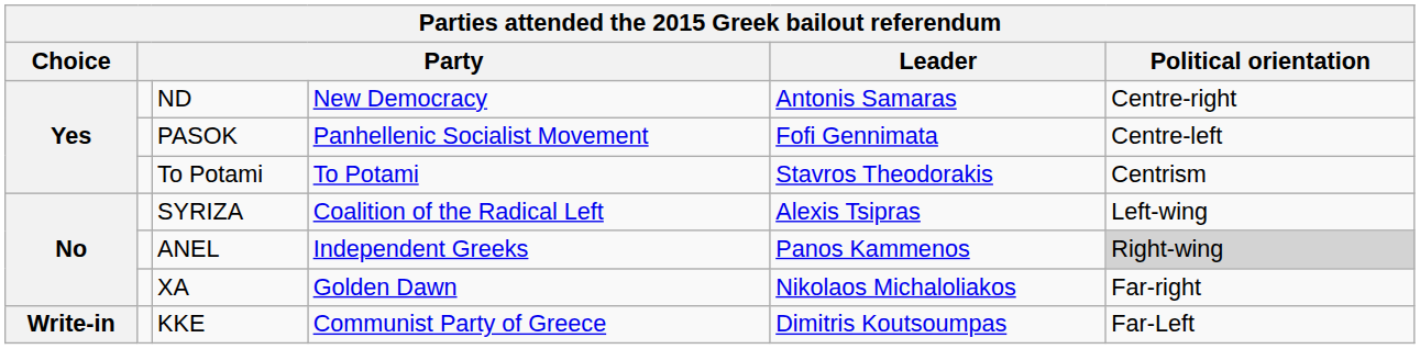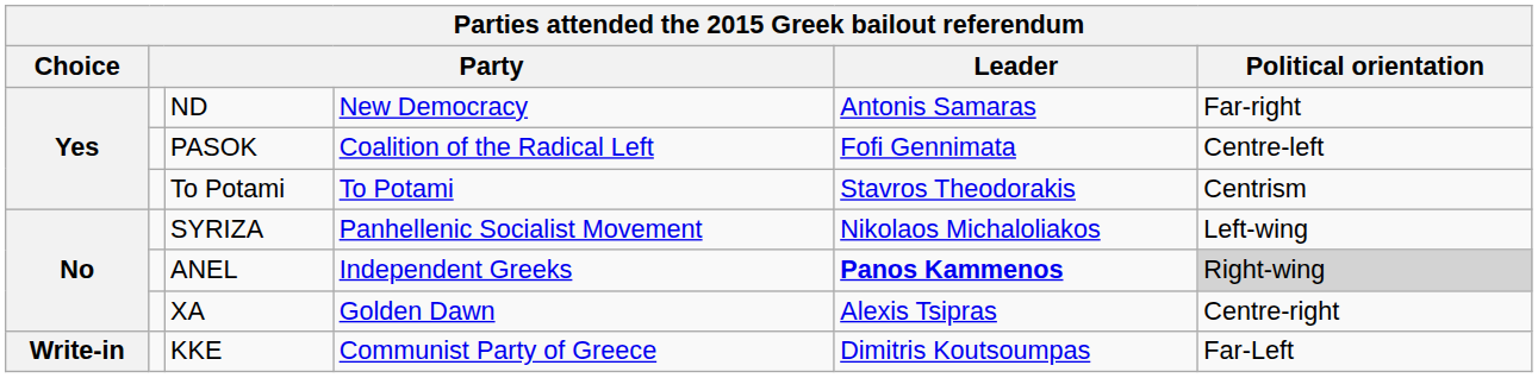 <table class="wikitable collapsible collapsed" style="border:none;width:60%">
 <tr>
 <th colspan="7">Parties attended the 2015 Greek bailout referendum</th>
 </tr>
 <tr>
 <th>Choice</th>
 <th colspan="3">Party</th>
 <th>Leader</th>
 <th>Political orientation</th>
 </tr>
 <tr>
 <th rowspan=3> Yes</th>
 <td style="color:inherit;background:"></td>
 <td>ND</td>
 <td><a href='#'>New Democracy</a></td>
 <td><a href='#'>Antonis Samaras</a></td>
-<td>Centre-right</td>
+<td>Far-right</td>
 </tr>
 <tr>
 <td style="color:inherit;background:"></td>
 <td>PASOK</td>
-<td><a href='#'>Panhellenic Socialist Movement</a></td>
+<td><a href='#'>Coalition of the Radical Left</a></td>
 <td><a href='#'>Fofi Gennimata</a></td>
 <td>Centre-left</td>
 </tr>
 <tr>
 <td style="color:inherit;background:"></td>
 <td>To Potami</td>
 <td><a href='#'>To Potami</a></td>
 <td><a href='#'>Stavros Theodorakis</a></td>
 <td>Centrism</td>
 </tr>
 <tr>
 <th rowspan=3> No</th>
 <td style="color:inherit;background:"></td>
 <td>SYRIZA</td>
-<td><a href='#'>Coalition of the Radical Left</a></td>
-<td><a href='#'>Alexis Tsipras</a></td>
+<td><a href='#'>Panhellenic Socialist Movement</a></td>
+<td><a href='#'>Nikolaos Michaloliakos</a></td>
 <td>Left-wing</td>
 </tr>
 <tr>
 <td style="color:inherit;background:"></td>
 <td>ANEL</td>
 <td><a href='#'>Independent Greeks</a></td>
-<td><a href='#'>Panos Kammenos</a></td>
+<td><strong><a href='#'>Panos Kammenos</a></strong></td>
 <td style="background: lightgrey;">Right-wing</td>
 </tr>
 <tr>
 <td style="color:inherit;background:"></td>
 <td>XA</td>
 <td><a href='#'>Golden Dawn</a></td>
-<td><a href='#'>Nikolaos Michaloliakos</a></td>
-<td>Far-right</td>
+<td><a href='#'>Alexis Tsipras</a></td>
+<td>Centre-right</td>
 </tr>
 <tr>
 <th rowspan=1> Write-in</th>
 <td style="color:inherit;background:"></td>
 <td>KKE</td>
 <td><a href='#'>Communist Party of Greece</a></td>
 <td><a href='#'>Dimitris Koutsoumpas</a></td>
 <td>Far-Left</td>
 </tr>
 </table>
